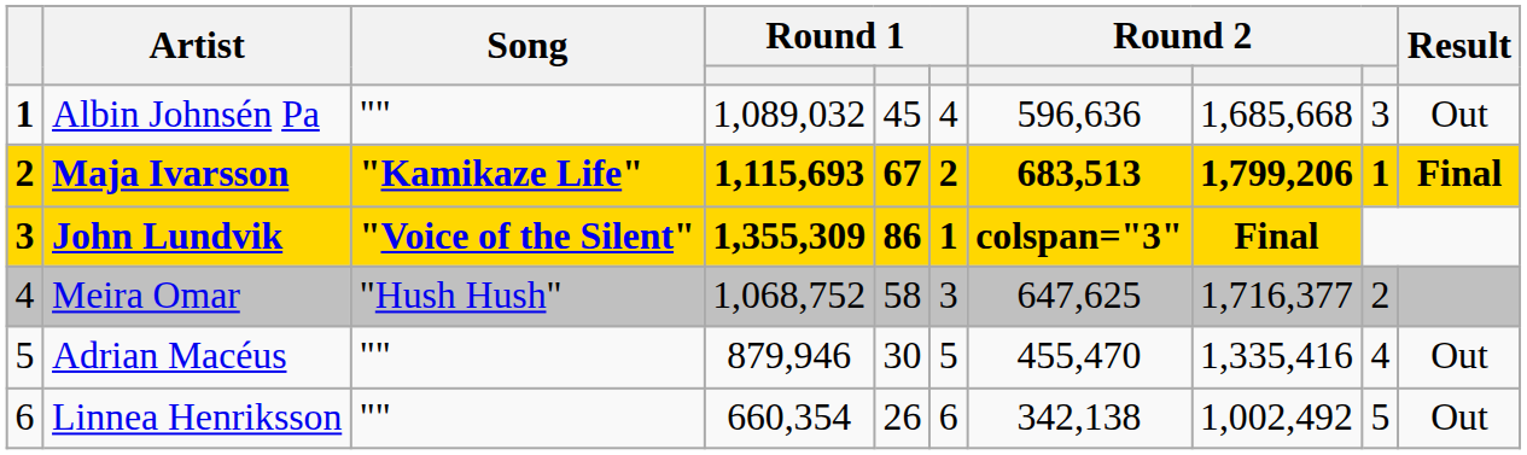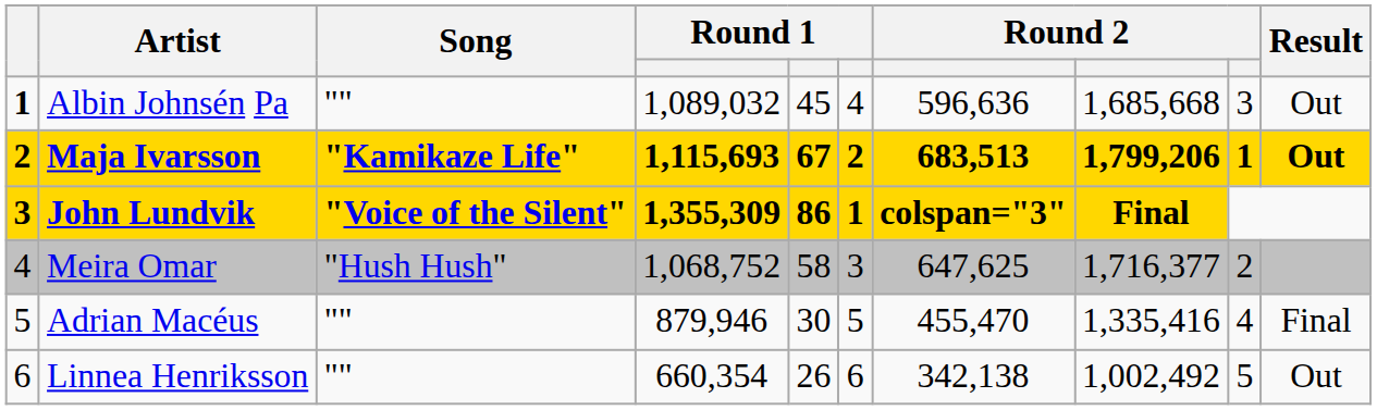 <table class="sortable wikitable" style="margin: 1em auto 1em auto; text-align:center;">
 <tr>
 <th rowspan="2"></th>
 <th rowspan="2">Artist</th>
 <th rowspan="2">Song</th>
 <th colspan="3">Round 1</th>
 <th colspan="3">Round 2</th>
 <th rowspan="2" class="unsortable">Result</th>
 </tr>
 <tr>
 <th></th>
 <th></th>
 <th></th>
 <th></th>
 <th></th>
 <th></th>
 </tr>
 <tr>
 <td><strong>1</strong></td>
 <td align="left"><a href='#'>Albin Johnsén</a>  <a href='#'>Pa</a></td>
 <td align="left">""</td>
 <td>1,089,032</td>
 <td>45</td>
 <td>4</td>
 <td>596,636</td>
 <td>1,685,668</td>
 <td>3</td>
 <td>Out</td>
 </tr>
 <tr style="background:gold; font-weight:bold;">
 <td>2</td>
 <td align="left"><a href='#'>Maja Ivarsson</a></td>
 <td align="left">"<a href='#'>Kamikaze Life</a>"</td>
 <td>1,115,693</td>
 <td>67</td>
 <td>2</td>
 <td>683,513</td>
 <td>1,799,206</td>
 <td>1</td>
-<td>Final</td>
+<td>Out</td>
 </tr>
 <tr style="background:gold; font-weight:bold;">
 <td>3</td>
 <td align="left"><a href='#'>John Lundvik</a></td>
 <td align="left">"<a href='#'>Voice of the Silent</a>"</td>
 <td>1,355,309</td>
 <td>86</td>
 <td>1</td>
 <td>colspan="3" </td>
 <td>Final</td>
 </tr>
 <tr style="background:silver;">
 <td>4</td>
 <td align="left"><a href='#'>Meira Omar</a></td>
 <td align="left">"<a href='#'>Hush Hush</a>"</td>
 <td>1,068,752</td>
 <td>58</td>
 <td>3</td>
 <td>647,625</td>
 <td>1,716,377</td>
 <td>2</td>
 <td><strong></strong></td>
 </tr>
 <tr>
 <td>5</td>
 <td align="left"><a href='#'>Adrian Macéus</a></td>
 <td align="left">""</td>
 <td>879,946</td>
 <td>30</td>
 <td>5</td>
 <td>455,470</td>
 <td>1,335,416</td>
 <td>4</td>
-<td>Out</td>
+<td>Final</td>
 </tr>
 <tr>
 <td>6</td>
 <td align="left"><a href='#'>Linnea Henriksson</a></td>
 <td align="left">""</td>
 <td>660,354</td>
 <td>26</td>
 <td>6</td>
 <td>342,138</td>
 <td>1,002,492</td>
 <td>5</td>
 <td>Out</td>
 </tr>
 </table>
